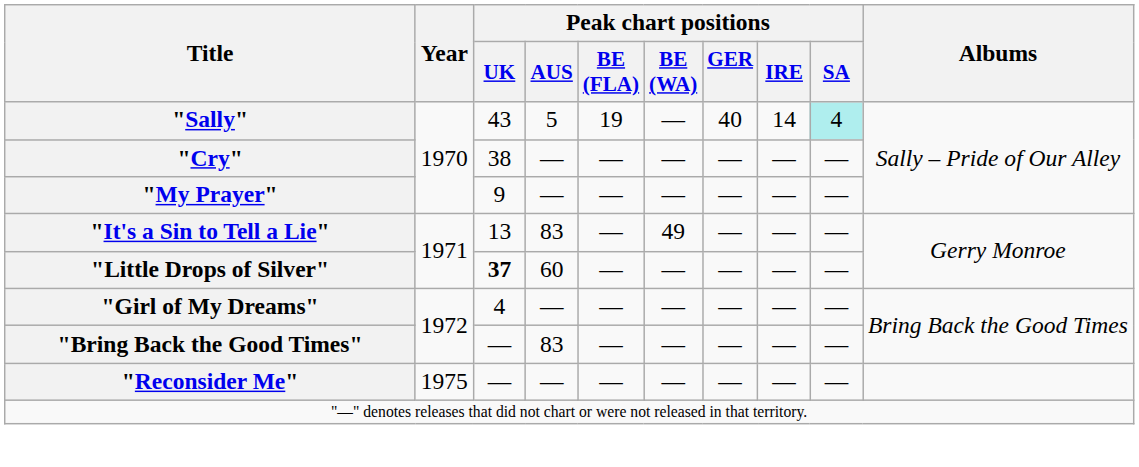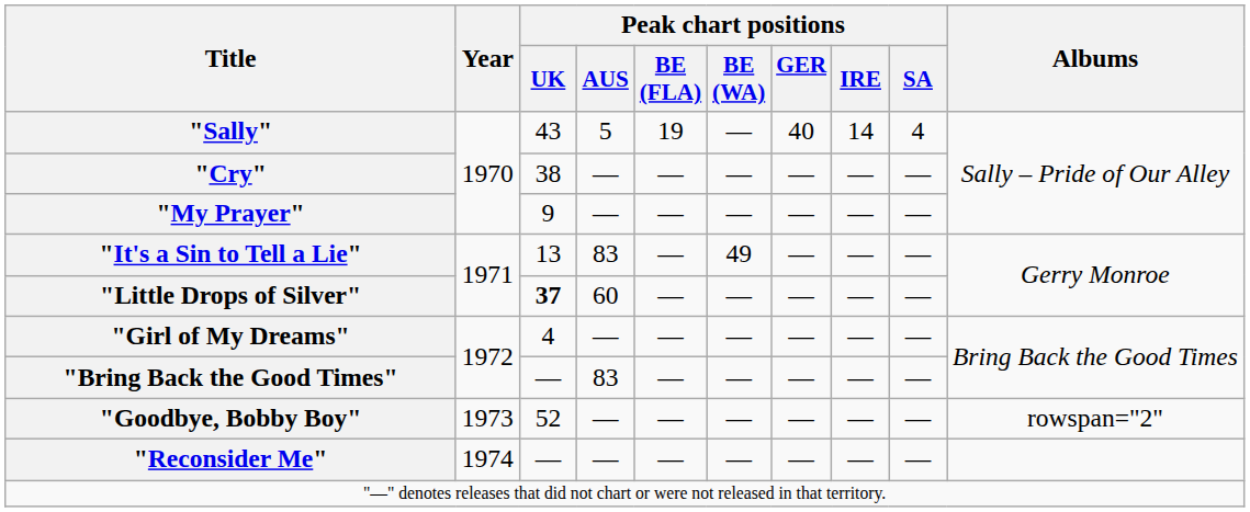 <table class="wikitable plainrowheaders" style="text-align:center;">
 <tr>
 <th rowspan="2" scope="col" style="width:17em;">Title</th>
 <th rowspan="2" scope="col" style="width:2em;">Year</th>
 <th colspan="7">Peak chart positions</th>
 <th rowspan="2">Albums</th>
 </tr>
 <tr>
 <th scope="col" style="width:2em;font-size:90%;"><a href='#'>UK</a><br></th>
 <th scope="col" style="width:2em;font-size:90%;"><a href='#'>AUS</a><br></th>
 <th scope="col" style="width:2em;font-size:90%;"><a href='#'>BE (FLA)</a><br></th>
 <th scope="col" style="width:2em;font-size:90%;"><a href='#'>BE (WA)</a><br></th>
 <th scope="col" style="width:2em;font-size:90%;"><a href='#'>GER</a><br><br></th>
 <th scope="col" style="width:2em;font-size:90%;"><a href='#'>IRE</a><br></th>
 <th scope="col" style="width:2em;font-size:90%;"><a href='#'>SA</a><br></th>
 </tr>
 <tr>
 <th scope="row">"<a href='#'>Sally</a>"</th>
 <td rowspan="3">1970</td>
 <td>43</td>
 <td>5</td>
 <td>19</td>
 <td>—</td>
 <td>40</td>
 <td>14</td>
-<td style="background: paleturquoise;">4</td>
+<td>4</td>
 <td rowspan="3"><em>Sally – Pride of Our Alley</em></td>
 </tr>
 <tr>
 <th scope="row">"<a href='#'>Cry</a>"</th>
 <td>38</td>
 <td>—</td>
 <td>—</td>
 <td>—</td>
 <td>—</td>
 <td>—</td>
 <td>—</td>
 </tr>
 <tr>
 <th scope="row">"<a href='#'>My Prayer</a>"</th>
 <td>9</td>
 <td>—</td>
 <td>—</td>
 <td>—</td>
 <td>—</td>
 <td>—</td>
 <td>—</td>
 </tr>
 <tr>
 <th scope="row">"<a href='#'>It's a Sin to Tell a Lie</a>"</th>
 <td rowspan="2">1971</td>
 <td>13</td>
 <td>83</td>
 <td>—</td>
 <td>49</td>
 <td>—</td>
 <td>—</td>
 <td>—</td>
 <td rowspan="2"><em>Gerry Monroe</em></td>
 </tr>
 <tr>
 <th scope="row">"Little Drops of Silver"</th>
 <td><strong>37</strong></td>
 <td>60</td>
 <td>—</td>
 <td>—</td>
 <td>—</td>
 <td>—</td>
 <td>—</td>
 </tr>
 <tr>
 <th scope="row">"Girl of My Dreams"</th>
 <td rowspan="2">1972</td>
 <td>4</td>
 <td>—</td>
 <td>—</td>
 <td>—</td>
 <td>—</td>
 <td>—</td>
 <td>—</td>
 <td rowspan="2"><em>Bring Back the Good Times</em></td>
 </tr>
 <tr>
 <th scope="row">"Bring Back the Good Times"</th>
 <td>—</td>
 <td>83</td>
 <td>—</td>
 <td>—</td>
 <td>—</td>
 <td>—</td>
 <td>—</td>
 </tr>
 <tr>
+<th scope="row">"Goodbye, Bobby Boy"</th>
+<td>1973</td>
+<td>52</td>
+<td>—</td>
+<td>—</td>
+<td>—</td>
+<td>—</td>
+<td>—</td>
+<td>—</td>
+<td>rowspan="2" </td>
+</tr>
+<tr>
 <th scope="row">"<a href='#'>Reconsider Me</a>"</th>
-<td>1975</td>
+<td>1974</td>
 <td>—</td>
 <td>—</td>
 <td>—</td>
 <td>—</td>
 <td>—</td>
 <td>—</td>
 <td>—</td>
 </tr>
 <tr>
 <td colspan="10" style="font-size:8pt">"—" denotes releases that did not chart or were not released in that territory.</td>
 </tr>
 </table>
